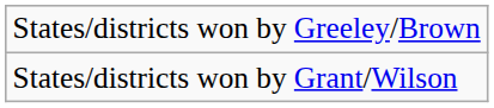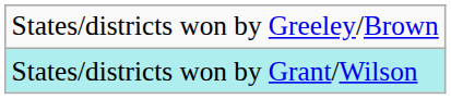 <table class="wikitable">
 <tr>
 <td>States/districts won by <a href='#'>Greeley</a>/<a href='#'>Brown</a></td>
 </tr>
 <tr>
-<td>States/districts won by <a href='#'>Grant</a>/<a href='#'>Wilson</a></td>
+<td style="background: paleturquoise;">States/districts won by <a href='#'>Grant</a>/<a href='#'>Wilson</a></td>
 </tr>
 </table>
